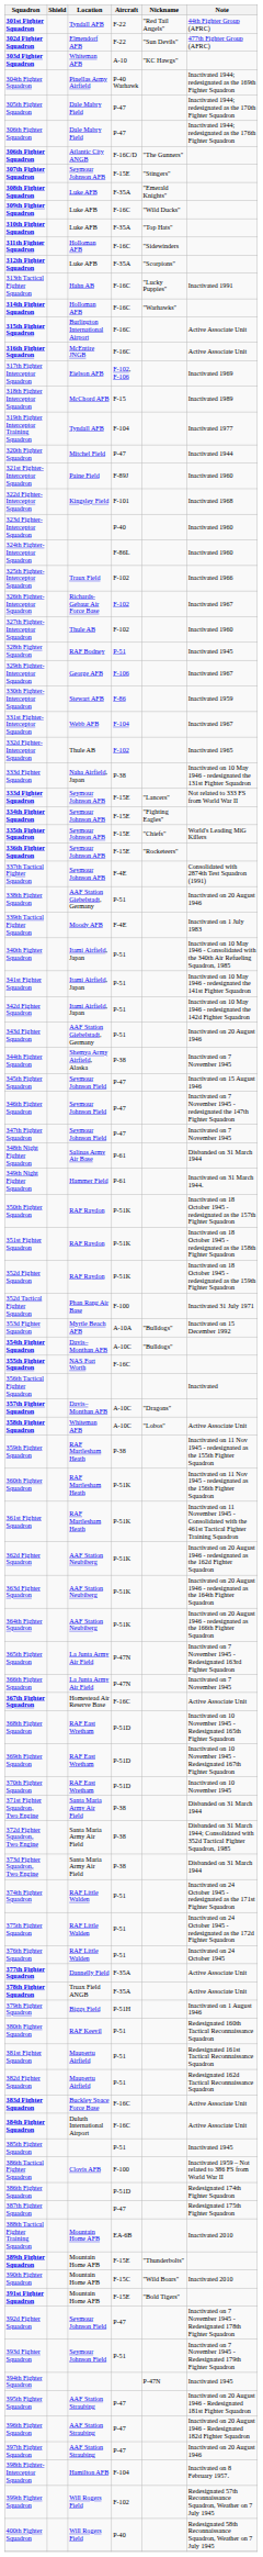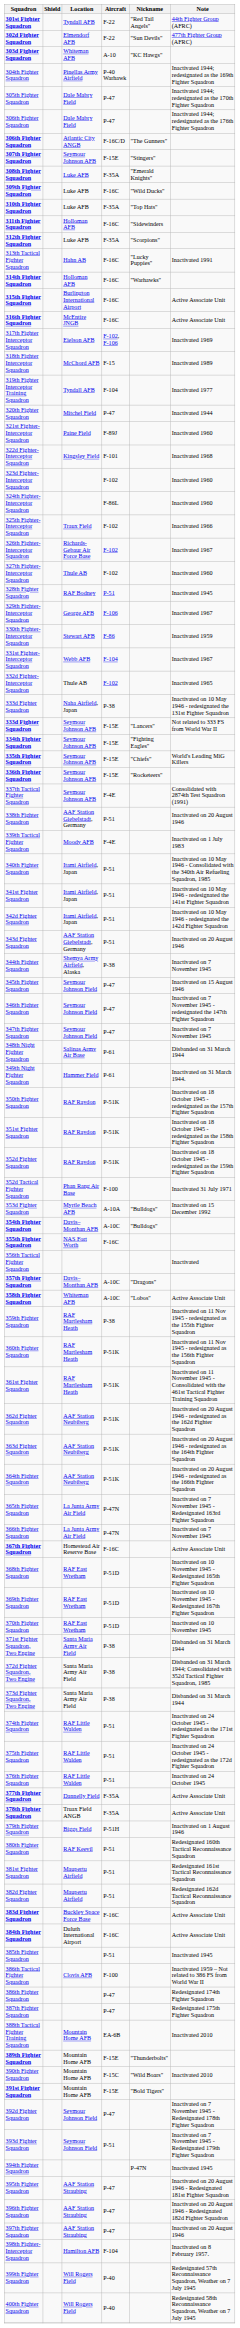 <table class="wikitable sortable">
 <tr>
 <th>Squadron</th>
 <th>Shield</th>
 <th>Location</th>
 <th>Aircraft</th>
 <th>Nickname</th>
 <th>Note</th>
 </tr>
 <tr>
 <td><strong><a href='#'>301st Fighter Squadron</a></strong></td>
 <td></td>
 <td><a href='#'>Tyndall AFB</a></td>
 <td>F-22</td>
 <td>"Red Tail Angels"</td>
 <td><a href='#'>44th Fighter Group</a> (AFRC)</td>
 </tr>
 <tr>
 <td><strong><a href='#'>302d Fighter Squadron</a></strong></td>
 <td></td>
 <td><a href='#'>Elmendorf AFB</a></td>
 <td>F-22</td>
 <td>"Sun Devils"</td>
 <td><a href='#'>477th Fighter Group</a> (AFRC)</td>
 </tr>
 <tr>
 <td><strong><a href='#'>303d Fighter Squadron</a></strong></td>
 <td></td>
 <td><a href='#'>Whiteman AFB</a></td>
 <td>A-10</td>
 <td>"KC Hawgs"</td>
 <td></td>
 </tr>
 <tr>
 <td><a href='#'>304th Fighter Squadron</a></td>
 <td></td>
 <td><a href='#'>Pinellas Army Airfield</a></td>
 <td>P-40 Warhawk</td>
 <td></td>
 <td>Inactivated 1944; redesignated as the 169th Fighter Squadron</td>
 </tr>
 <tr>
 <td><a href='#'>305th Fighter Squadron</a></td>
 <td></td>
 <td><a href='#'>Dale Mabry Field</a></td>
 <td>P-47</td>
 <td></td>
 <td>Inactivated 1944; redesignated as the 170th Fighter Squadron</td>
 </tr>
 <tr>
 <td><a href='#'>306th Fighter Squadron</a></td>
 <td></td>
 <td><a href='#'>Dale Mabry Field</a></td>
 <td>P-47</td>
 <td></td>
 <td>Inactivated 1944; redesignated as the 176th Fighter Squadron</td>
 </tr>
 <tr>
 <td><strong><a href='#'>306th Fighter Squadron</a></strong></td>
 <td></td>
 <td><a href='#'>Atlantic City ANGB</a></td>
 <td>F-16C/D</td>
 <td>"The Gunners"</td>
 <td></td>
 </tr>
 <tr>
 <td><strong><a href='#'>307th Fighter Squadron</a></strong></td>
 <td></td>
 <td><a href='#'>Seymour Johnson AFB</a></td>
 <td>F-15E</td>
 <td>"Stingers"</td>
 <td></td>
 </tr>
 <tr>
 <td><strong><a href='#'>308th Fighter Squadron</a></strong></td>
 <td></td>
 <td><a href='#'>Luke AFB</a></td>
 <td>F-35A</td>
 <td>"Emerald Knights"</td>
 <td></td>
 </tr>
 <tr>
 <td><strong><a href='#'>309th Fighter Squadron</a></strong></td>
 <td></td>
 <td>Luke AFB</td>
 <td>F-16C</td>
 <td>"Wild Ducks"</td>
 <td></td>
 </tr>
 <tr>
 <td><strong><a href='#'>310th Fighter Squadron</a></strong></td>
 <td></td>
 <td>Luke AFB</td>
 <td>F-35A</td>
 <td>"Top Hats"</td>
 <td></td>
 </tr>
 <tr>
 <td><strong><a href='#'>311th Fighter Squadron</a></strong></td>
 <td></td>
 <td><a href='#'>Holloman AFB</a></td>
 <td>F-16C</td>
 <td>"Sidewinders</td>
 <td></td>
 </tr>
 <tr>
 <td><strong><a href='#'>312th Fighter Squadron</a></strong></td>
 <td></td>
 <td>Luke AFB</td>
 <td>F-35A</td>
 <td>"Scorpions"</td>
 <td></td>
 </tr>
 <tr>
 <td><a href='#'>313th Tactical Fighter Squadron</a></td>
 <td></td>
 <td><a href='#'>Hahn AB</a></td>
 <td>F-16C</td>
 <td>"Lucky Puppies"</td>
 <td>Inactivated 1991</td>
 </tr>
 <tr>
 <td><strong><a href='#'>314th Fighter Squadron</a></strong></td>
 <td></td>
 <td><a href='#'>Holloman AFB</a></td>
 <td>F-16C</td>
 <td>"Warhawks"</td>
 <td></td>
 </tr>
 <tr>
 <td><strong><a href='#'>315th Fighter Squadron</a></strong></td>
 <td></td>
 <td><a href='#'>Burlington International Airport</a></td>
 <td>F-16C</td>
 <td></td>
 <td>Active Associate Unit</td>
 </tr>
 <tr>
 <td><strong><a href='#'>316th Fighter Squadron</a></strong></td>
 <td></td>
 <td><a href='#'>McEntire JNGB</a></td>
 <td>F-16C</td>
 <td></td>
 <td>Active Associate Unit</td>
 </tr>
 <tr>
 <td><a href='#'>317th Fighter Interceptor Squadron</a></td>
 <td></td>
 <td><a href='#'>Eielson AFB</a></td>
 <td><a href='#'>F-102</a>,<br> <a href='#'>F-106</a></td>
 <td></td>
 <td>Inactivated 1969</td>
 </tr>
 <tr>
 <td><a href='#'>318th Fighter Interceptor Squadron</a></td>
 <td></td>
 <td><a href='#'>McChord AFB</a></td>
 <td>F-15</td>
 <td></td>
 <td>Inactivated 1989</td>
 </tr>
 <tr>
 <td><a href='#'>319th Fighter Interceptor Training Squadron</a></td>
 <td></td>
 <td><a href='#'>Tyndall AFB</a></td>
 <td>F-104</td>
 <td></td>
 <td>Inactivated 1977</td>
 </tr>
 <tr>
 <td><a href='#'>320th Fighter Squadron</a></td>
 <td></td>
 <td><a href='#'>Mitchel Field</a></td>
 <td>P-47</td>
 <td></td>
 <td>Inactivated 1944</td>
 </tr>
 <tr>
 <td><a href='#'>321st Fighter-Interceptor Squadron</a></td>
 <td></td>
 <td><a href='#'>Paine Field</a></td>
 <td>F-89J</td>
 <td></td>
 <td>Inactivated 1960</td>
 </tr>
 <tr>
 <td><a href='#'>322d Fighter-Interceptor Squadron</a></td>
 <td></td>
 <td><a href='#'>Kingsley Field</a></td>
 <td>F-101</td>
 <td></td>
 <td>Inactivated 1968</td>
 </tr>
 <tr>
 <td><a href='#'>323d Fighter-Interceptor Squadron</a></td>
 <td></td>
 <td></td>
-<td>P-40</td>
+<td>F-102</td>
 <td></td>
 <td>Inactivated 1960</td>
 </tr>
 <tr>
 <td><a href='#'>324th Fighter-Interceptor Squadron</a></td>
 <td></td>
 <td></td>
 <td>F-86L</td>
 <td></td>
 <td>Inactivated 1960</td>
 </tr>
 <tr>
 <td><a href='#'>325th Fighter-Interceptor Squadron</a></td>
 <td></td>
 <td><a href='#'>Traux Field</a></td>
 <td>F-102</td>
 <td></td>
 <td>Inactivated 1966</td>
 </tr>
 <tr>
 <td><a href='#'>326th Fighter-Interceptor Squadron</a></td>
 <td></td>
 <td><a href='#'>Richards-Gebaur Air Force Base</a></td>
 <td><a href='#'>F-102</a></td>
 <td></td>
 <td>Inactivated 1967</td>
 </tr>
 <tr>
 <td><a href='#'>327th Fighter-Interceptor Squadron</a></td>
 <td></td>
 <td><a href='#'>Thule AB</a></td>
 <td>F-102</td>
 <td></td>
 <td>Inactivated 1960</td>
 </tr>
 <tr>
 <td><a href='#'>328th Fighter Squadron</a></td>
 <td></td>
 <td><a href='#'>RAF Bodney</a></td>
 <td><a href='#'>P-51</a></td>
 <td></td>
 <td>Inactivated 1945</td>
 </tr>
 <tr>
 <td><a href='#'>329th Fighter-Interceptor Squadron</a></td>
 <td></td>
 <td><a href='#'>George AFB</a></td>
 <td><a href='#'>F-106</a></td>
 <td></td>
 <td>Inactivated 1967</td>
 </tr>
 <tr>
 <td><a href='#'>330th Fighter-Interceptor Squadron</a></td>
 <td></td>
 <td><a href='#'>Stewart AFB</a></td>
 <td><a href='#'>F-86</a></td>
 <td></td>
 <td>Inactivated 1959</td>
 </tr>
 <tr>
 <td><a href='#'>331st Fighter-Interceptor Squadron</a></td>
 <td></td>
 <td><a href='#'>Webb AFB</a></td>
 <td><a href='#'>F-104</a></td>
 <td></td>
 <td>Inactivated 1967</td>
 </tr>
 <tr>
 <td><a href='#'>332d Fighter-Interceptor Squadron</a></td>
 <td></td>
 <td>Thule AB</td>
 <td><a href='#'>F-102</a></td>
 <td></td>
 <td>Inactivated 1965</td>
 </tr>
 <tr>
 <td><a href='#'>333d Fighter Squadron</a></td>
 <td></td>
 <td><a href='#'>Naha Airfield</a>, Japan</td>
 <td>P-38</td>
 <td></td>
 <td>Inactivated on 10 May 1946 - redesignated the 131st Fighter Squadron</td>
 </tr>
 <tr>
 <td><strong><a href='#'>333d Fighter Squadron</a></strong></td>
 <td></td>
 <td><a href='#'>Seymour Johnson AFB</a></td>
 <td>F-15E</td>
 <td>"Lancers"</td>
 <td>Not related to 333 FS from World War II</td>
 </tr>
 <tr>
 <td><strong><a href='#'>334th Fighter Squadron</a></strong></td>
 <td></td>
 <td><a href='#'>Seymour Johnson AFB</a></td>
 <td>F-15E</td>
 <td>"Fighting Eagles"</td>
 <td></td>
 </tr>
 <tr>
 <td><strong><a href='#'>335th Fighter Squadron</a></strong></td>
 <td></td>
 <td><a href='#'>Seymour Johnson AFB</a></td>
 <td>F-15E</td>
 <td>"Chiefs"</td>
 <td>World's Leading MiG Killers</td>
 </tr>
 <tr>
 <td><strong><a href='#'>336th Fighter Squadron</a></strong></td>
 <td></td>
 <td><a href='#'>Seymour Johnson AFB</a></td>
 <td>F-15E</td>
 <td>"Rocketeers"</td>
 <td></td>
 </tr>
 <tr>
 <td><a href='#'>337th Tactical Fighter Squadron</a></td>
 <td></td>
 <td><a href='#'>Seymour Johnson AFB</a></td>
 <td>F-4E</td>
 <td></td>
 <td>Consolidated with 2874th Test Squadron (1991)</td>
 </tr>
 <tr>
 <td><a href='#'>338th Fighter Squadron</a></td>
 <td></td>
 <td><a href='#'>AAF Station Giebelstadt</a>, Germany</td>
 <td>P-51</td>
 <td></td>
 <td>Inactivated on 20 August 1946</td>
 </tr>
 <tr>
 <td><a href='#'>339th Tactical Fighter Squadron</a></td>
 <td></td>
 <td><a href='#'>Moody AFB</a></td>
 <td>F-4E</td>
 <td></td>
 <td>Inactivated on 1 July 1983</td>
 </tr>
 <tr>
 <td><a href='#'>340th Fighter Squadron</a></td>
 <td></td>
 <td><a href='#'>Itami Airfield</a>, Japan</td>
 <td>P-51</td>
 <td></td>
 <td>Inactivated on 10 May 1946 - Consolidated with the 340th Air Refueling Squadron, 1985</td>
 </tr>
 <tr>
 <td><a href='#'>341st Fighter Squadron</a></td>
 <td></td>
 <td><a href='#'>Itami Airfield</a>, Japan</td>
 <td>P-51</td>
 <td></td>
 <td>Inactivated on 10 May 1946 - redesignated the 141st Fighter Squadron</td>
 </tr>
 <tr>
 <td><a href='#'>342d Fighter Squadron</a></td>
 <td></td>
 <td><a href='#'>Itami Airfield</a>, Japan</td>
 <td>P-51</td>
 <td></td>
 <td>Inactivated on 10 May 1946 - redesignated the 142d Fighter Squadron</td>
 </tr>
 <tr>
 <td><a href='#'>343d Fighter Squadron</a></td>
 <td></td>
 <td><a href='#'>AAF Station Giebelstadt</a>, Germany</td>
 <td>P-51</td>
 <td></td>
 <td>Inactivated on 20 August 1946</td>
 </tr>
 <tr>
 <td><a href='#'>344th Fighter Squadron</a></td>
 <td></td>
 <td><a href='#'>Shemya Army Airfield</a>, Alaska</td>
 <td>P-38</td>
 <td></td>
 <td>Inactivated on 7 November 1945</td>
 </tr>
 <tr>
 <td><a href='#'>345th Fighter Squadron</a></td>
 <td></td>
 <td><a href='#'>Seymour Johnson Field</a></td>
 <td>P-47</td>
 <td></td>
 <td>Inactivated on 15 August 1946</td>
 </tr>
 <tr>
 <td><a href='#'>346th Fighter Squadron</a></td>
 <td></td>
 <td><a href='#'>Seymour Johnson Field</a></td>
 <td>P-47</td>
 <td></td>
 <td>Inactivated on 7 November 1945 - redesignated the 147th Fighter Squadron</td>
 </tr>
 <tr>
 <td><a href='#'>347th Fighter Squadron</a></td>
 <td></td>
 <td><a href='#'>Seymour Johnson Field</a></td>
 <td>P-47</td>
 <td></td>
 <td>Inactivated on 7 November 1945</td>
 </tr>
 <tr>
 <td><a href='#'>348th Night Fighter Squadron</a></td>
 <td></td>
 <td><a href='#'>Salinas Army Air Base</a></td>
 <td>P-61</td>
 <td></td>
 <td>Disbanded on 31 March 1944</td>
 </tr>
 <tr>
 <td><a href='#'>349th Night Fighter Squadron</a></td>
 <td></td>
 <td><a href='#'>Hammer Field</a></td>
 <td>P-61</td>
 <td></td>
 <td>Inactivated on 31 March 1944.</td>
 </tr>
 <tr>
 <td><a href='#'>350th Fighter Squadron</a></td>
 <td></td>
 <td><a href='#'>RAF Raydon</a></td>
 <td>P-51K</td>
 <td></td>
 <td>Inactivated on 18 October 1945 - redesignated as the 157th Fighter Squadron</td>
 </tr>
 <tr>
 <td><a href='#'>351st Fighter Squadron</a></td>
 <td></td>
 <td><a href='#'>RAF Raydon</a></td>
 <td>P-51K</td>
 <td></td>
 <td>Inactivated on 18 October 1945 - redesignated as the 158th Fighter Squadron</td>
 </tr>
 <tr>
 <td><a href='#'>352d Fighter Squadron</a></td>
 <td></td>
 <td><a href='#'>RAF Raydon</a></td>
 <td>P-51K</td>
 <td></td>
 <td>Inactivated on 18 October 1945 - redesignated as the 159th Fighter Squadron</td>
 </tr>
 <tr>
 <td><a href='#'>352d Tactical Fighter Squadron</a></td>
 <td></td>
 <td><a href='#'>Phan Rang Air Base</a></td>
 <td>F-100</td>
 <td></td>
 <td>Inactivated 31 July 1971</td>
 </tr>
 <tr>
 <td><a href='#'>353d Fighter Squadron</a></td>
 <td></td>
 <td><a href='#'>Myrtle Beach AFB</a></td>
 <td>A-10A</td>
 <td>"Bulldogs"</td>
 <td>Inactivated on 15 December 1992</td>
 </tr>
 <tr>
 <td><strong><a href='#'>354th Fighter Squadron</a></strong></td>
 <td></td>
 <td><a href='#'>Davis–Monthan AFB</a></td>
 <td>A-10C</td>
 <td>"Bulldogs"</td>
 <td></td>
 </tr>
 <tr>
 <td><strong><a href='#'>355th Fighter Squadron</a></strong></td>
 <td></td>
 <td><a href='#'>NAS Fort Worth</a></td>
 <td>F-16C</td>
 <td></td>
 <td></td>
 </tr>
 <tr>
 <td><a href='#'>356th Tactical Fighter Squadron</a></td>
 <td></td>
 <td></td>
 <td></td>
 <td></td>
 <td>Inactivated</td>
 </tr>
 <tr>
 <td><strong><a href='#'>357th Fighter Squadron</a></strong></td>
 <td></td>
 <td><a href='#'>Davis–Monthan AFB</a></td>
 <td>A-10C</td>
 <td>"Dragons"</td>
 <td></td>
 </tr>
 <tr>
 <td><strong><a href='#'>358th Fighter Squadron</a></strong></td>
 <td></td>
 <td><a href='#'>Whiteman AFB</a></td>
 <td>A-10C</td>
 <td>"Lobos"</td>
 <td>Active Associate Unit</td>
 </tr>
 <tr>
 <td><a href='#'>359th Fighter Squadron</a></td>
 <td></td>
 <td><a href='#'>RAF Martlesham Heath</a></td>
 <td>P-38</td>
 <td></td>
 <td>Inactivated on 11 Nov 1945 - redesignated as the 155th Fighter Squadron</td>
 </tr>
 <tr>
 <td><a href='#'>360th Fighter Squadron</a></td>
 <td></td>
 <td><a href='#'>RAF Martlesham Heath</a></td>
 <td>P-51K</td>
 <td></td>
 <td>Inactivated on 11 Nov 1945 - redesignated as the 156th Fighter Squadron</td>
 </tr>
 <tr>
 <td><a href='#'>361st Fighter Squadron</a></td>
 <td></td>
 <td><a href='#'>RAF Martlesham Heath</a></td>
 <td>P-51K</td>
 <td></td>
 <td>Inactivated on 11 November 1945 - Consolidated with the 461st Tactical Fighter Training Squadron</td>
 </tr>
 <tr>
 <td><a href='#'>362d Fighter Squadron</a></td>
 <td></td>
 <td><a href='#'>AAF Station Neubiberg</a></td>
 <td>P-51K</td>
 <td></td>
 <td>Inactivated on 20 August 1946 - redesignated as the 162d Fighter Squadron</td>
 </tr>
 <tr>
 <td><a href='#'>363d Fighter Squadron</a></td>
 <td></td>
 <td><a href='#'>AAF Station Neubiberg</a></td>
 <td>P-51K</td>
 <td></td>
 <td>Inactivated on 20 August 1946 - redesignated as the 164th Fighter Squadron</td>
 </tr>
 <tr>
 <td><a href='#'>364th Fighter Squadron</a></td>
 <td></td>
 <td><a href='#'>AAF Station Neubiberg</a></td>
 <td>P-51K</td>
 <td></td>
 <td>Inactivated on 20 August 1946 - redesignated as the 166th Fighter Squadron</td>
 </tr>
 <tr>
 <td><a href='#'>365th Fighter Squadron</a></td>
 <td></td>
 <td><a href='#'>La Junta Army Air Field</a></td>
 <td>P-47N</td>
 <td></td>
 <td>Inactivated on 7 November 1945 - Redesignated 163rd Fighter Squadron</td>
 </tr>
 <tr>
 <td><a href='#'>366th Fighter Squadron</a></td>
 <td></td>
 <td><a href='#'>La Junta Army Air Field</a></td>
 <td>P-47N</td>
 <td></td>
 <td>Inactivated on 7 November 1945</td>
 </tr>
 <tr>
 <td><strong><a href='#'>367th Fighter Squadron</a></strong></td>
 <td></td>
 <td>Homestead Air Reserve Base</td>
 <td>F-16C</td>
 <td></td>
 <td>Active Associate Unit</td>
 </tr>
 <tr>
 <td><a href='#'>368th Fighter Squadron</a></td>
 <td></td>
 <td><a href='#'>RAF East Wretham</a></td>
 <td>P-51D</td>
 <td></td>
 <td>Inactivated on 10 November 1945 - Redesignated 165th Fighter Squadron</td>
 </tr>
 <tr>
 <td><a href='#'>369th Fighter Squadron</a></td>
 <td></td>
 <td><a href='#'>RAF East Wretham</a></td>
 <td>P-51D</td>
 <td></td>
 <td>Inactivated on 10 November 1945 - Redesignated 167th Fighter Squadron</td>
 </tr>
 <tr>
 <td><a href='#'>370th Fighter Squadron</a></td>
 <td></td>
 <td><a href='#'>RAF East Wretham</a></td>
 <td>P-51D</td>
 <td></td>
 <td>Inactivated on 10 November 1945</td>
 </tr>
 <tr>
 <td><a href='#'>371st Fighter Squadron, Two Engine</a></td>
 <td></td>
 <td><a href='#'>Santa Maria Army Air Field</a></td>
 <td>P-38</td>
 <td></td>
 <td>Disbanded on 31 March 1944</td>
 </tr>
 <tr>
 <td><a href='#'>372d Fighter Squadron, Two Engine</a></td>
 <td></td>
 <td>Santa Maria Army Air Field</td>
 <td>P-38</td>
 <td></td>
 <td>Disbanded on 31 March 1944; Consolidated with 352d Tactical Fighter Squadron, 1985</td>
 </tr>
 <tr>
 <td><a href='#'>373d Fighter Squadron, Two Engine</a></td>
 <td></td>
 <td>Santa Maria Army Air Field</td>
 <td>P-38</td>
 <td></td>
 <td>Disbanded on 31 March 1944</td>
 </tr>
 <tr>
 <td><a href='#'>374th Fighter Squadron</a></td>
 <td></td>
 <td><a href='#'>RAF Little Walden</a></td>
 <td>P-51</td>
 <td></td>
 <td>Inactivated on 24 October 1945 - redesignated as the 171st Fighter Squadron</td>
 </tr>
 <tr>
 <td><a href='#'>375th Fighter Squadron</a></td>
 <td></td>
 <td><a href='#'>RAF Little Walden</a></td>
 <td>P-51</td>
 <td></td>
 <td>Inactivated on 24 October 1945 - redesignated as the 172d Fighter Squadron</td>
 </tr>
 <tr>
 <td><a href='#'>376th Fighter Squadron</a></td>
 <td></td>
 <td><a href='#'>RAF Little Walden</a></td>
 <td>P-51</td>
 <td></td>
 <td>Inactivated on 24 October 1945</td>
 </tr>
 <tr>
 <td><strong><a href='#'>377th Fighter Squadron</a></strong></td>
 <td></td>
 <td><a href='#'>Dannelly Field</a></td>
 <td>F-35A</td>
 <td></td>
 <td>Active Associate Unit</td>
 </tr>
 <tr>
 <td><strong><a href='#'>378th Fighter Squadron</a></strong></td>
 <td></td>
 <td>Truax Field ANGB</td>
 <td>F-35A</td>
 <td></td>
 <td>Active Associate Unit</td>
 </tr>
 <tr>
 <td><a href='#'>379th Fighter Squadron</a></td>
 <td></td>
 <td><a href='#'>Biggs Field</a></td>
 <td>P-51H</td>
 <td></td>
 <td>Inactivated on 1 August 1946</td>
 </tr>
 <tr>
 <td><a href='#'>380th Fighter Squadron</a></td>
 <td></td>
 <td><a href='#'>RAF Keevil</a></td>
 <td>P-51</td>
 <td></td>
 <td>Redesignated 160th Tactical Reconnaissance Squadron</td>
 </tr>
 <tr>
 <td><a href='#'>381st Fighter Squadron</a></td>
 <td></td>
 <td><a href='#'>Maupertu Airfield</a></td>
 <td>P-51</td>
 <td></td>
 <td>Redesignated 161st Tactical Reconnaissance Squadron</td>
 </tr>
 <tr>
 <td><a href='#'>382d Fighter Squadron</a></td>
 <td></td>
 <td><a href='#'>Maupertu Airfield</a></td>
 <td>P-51</td>
 <td></td>
 <td>Redesignated 162d Tactical Reconnaissance Squadron</td>
 </tr>
 <tr>
 <td><strong><a href='#'>383d Fighter Squadron</a></strong></td>
 <td></td>
 <td><a href='#'>Buckley Space Force Base</a></td>
 <td>F-16C</td>
 <td></td>
 <td>Active Associate Unit</td>
 </tr>
 <tr>
 <td><strong><a href='#'>384th Fighter Squadron</a></strong></td>
 <td></td>
 <td>Duluth International Airport</td>
 <td>F-16C</td>
 <td></td>
 <td>Active Associate Unit</td>
 </tr>
 <tr>
 <td><a href='#'>385th Fighter Squadron</a></td>
 <td></td>
 <td></td>
 <td>P-51</td>
 <td></td>
 <td>Inactivated 1945</td>
 </tr>
 <tr>
 <td><a href='#'>386th Tactical Fighter Squadron</a></td>
 <td></td>
 <td><a href='#'>Clovis AFB</a></td>
 <td>F-100</td>
 <td></td>
 <td>Inactivated 1959 – Not related to 386 FS from World War II</td>
 </tr>
 <tr>
 <td><a href='#'>386th Fighter Squadron</a></td>
 <td></td>
 <td></td>
-<td>P-51D</td>
+<td>P-47</td>
 <td></td>
 <td>Redesignated 174th Fighter Squadron</td>
 </tr>
 <tr>
 <td><a href='#'>387th Fighter Squadron</a></td>
 <td></td>
 <td></td>
 <td>P-47</td>
 <td></td>
 <td>Redesignated 175th Fighter Squadron</td>
 </tr>
 <tr>
 <td><a href='#'>388th Tactical Fighter Training Squadron</a></td>
 <td></td>
 <td><a href='#'>Mountain Home AFB</a></td>
 <td>EA-6B</td>
 <td></td>
 <td>Inactivated 2010</td>
 </tr>
 <tr>
 <td><strong><a href='#'>389th Fighter Squadron</a></strong></td>
 <td></td>
 <td>Mountain Home AFB</td>
 <td>F-15E</td>
 <td>"Thunderbolts"</td>
 <td></td>
 </tr>
 <tr>
 <td><a href='#'>390th Fighter Squadron</a></td>
 <td></td>
 <td>Mountain Home AFB</td>
 <td>F-15C</td>
 <td>"Wild Boars"</td>
 <td>Inactivated 2010</td>
 </tr>
 <tr>
 <td><strong><a href='#'>391st Fighter Squadron</a></strong></td>
 <td></td>
 <td>Mountain Home AFB</td>
 <td>F-15E</td>
 <td>"Bold Tigers"</td>
 <td></td>
 </tr>
 <tr>
 <td><a href='#'>392d Fighter Squadron</a></td>
 <td></td>
 <td><a href='#'>Seymour Johnson Field</a></td>
 <td>P-47</td>
 <td></td>
 <td>Inactivated on 7 November 1945 - Redesignated 178th Fighter Squadron</td>
 </tr>
 <tr>
 <td><a href='#'>393d Fighter Squadron</a></td>
 <td></td>
 <td><a href='#'>Seymour Johnson Field</a></td>
 <td>P-51</td>
 <td></td>
 <td>Inactivated on 7 November 1945 - Redesignated 179th Fighter Squadron</td>
 </tr>
 <tr>
 <td><a href='#'>394th Fighter Squadron</a></td>
 <td></td>
 <td></td>
 <td></td>
 <td>P-47N</td>
 <td>Inactivated 1945</td>
 </tr>
 <tr>
 <td><a href='#'>395th Fighter Squadron</a></td>
 <td></td>
 <td><a href='#'>AAF Station Straubing</a></td>
 <td>P-47</td>
 <td></td>
 <td>Inactivated on 20 August 1946 - Redesignated 181st Fighter Squadron</td>
 </tr>
 <tr>
 <td><a href='#'>396th Fighter Squadron</a></td>
 <td></td>
 <td><a href='#'>AAF Station Straubing</a></td>
 <td>P-47</td>
 <td></td>
 <td>Inactivated on 20 August 1946 - Redesignated 182d Fighter Squadron</td>
 </tr>
 <tr>
 <td><a href='#'>397th Fighter Squadron</a></td>
 <td></td>
 <td><a href='#'>AAF Station Straubing</a></td>
 <td>P-47</td>
 <td></td>
 <td>Inactivated on 20 August 1946</td>
 </tr>
 <tr>
 <td><a href='#'>398th Fighter-Interceptor Squadron</a></td>
 <td></td>
 <td><a href='#'>Hamilton AFB</a></td>
 <td>F-104</td>
 <td></td>
 <td>Inactivated on 8 February 1957.</td>
 </tr>
 <tr>
 <td><a href='#'>399th Fighter Squadron</a></td>
 <td></td>
 <td><a href='#'>Will Rogers Field</a></td>
-<td>F-102</td>
+<td>P-40</td>
 <td></td>
 <td>Redesignated 57th Reconnaissance Squadron, Weather on 7 July 1945</td>
 </tr>
 <tr>
 <td><a href='#'>400th Fighter Squadron</a></td>
 <td></td>
 <td><a href='#'>Will Rogers Field</a></td>
 <td>P-40</td>
 <td></td>
 <td>Redesignated 58th Reconnaissance Squadron, Weather on 7 July 1945</td>
 </tr>
 <tr>
 </tr>
 </table>
